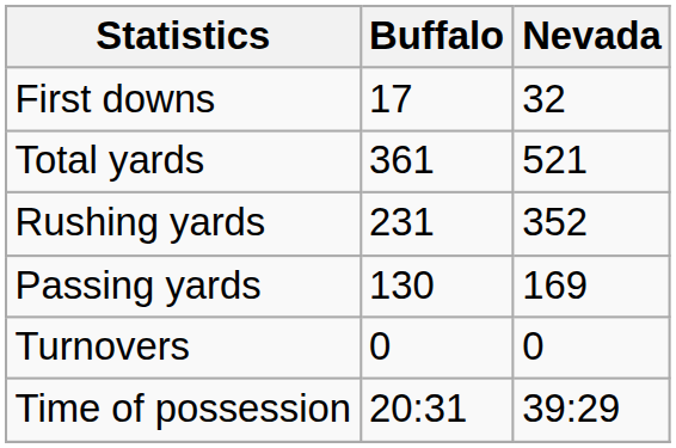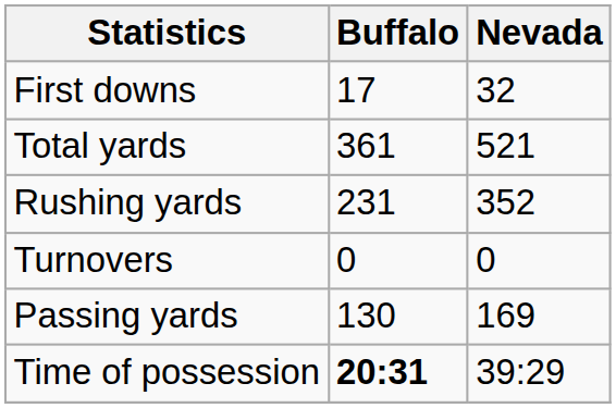 <table class="wikitable">
 <tr>
 <th>Statistics</th>
 <th>Buffalo</th>
 <th>Nevada</th>
 </tr>
 <tr>
 <td>First downs</td>
 <td>17</td>
 <td>32</td>
 </tr>
 <tr>
 <td>Total yards</td>
 <td>361</td>
 <td>521</td>
 </tr>
 <tr>
 <td>Rushing yards</td>
 <td>231</td>
 <td>352</td>
 </tr>
 <tr>
+<td>Turnovers</td>
+<td>0</td>
+<td>0</td>
+</tr>
+<tr>
 <td>Passing yards</td>
 <td>130</td>
 <td>169</td>
 </tr>
 <tr>
-<td>Turnovers</td>
-<td>0</td>
-<td>0</td>
-</tr>
-<tr>
 <td>Time of possession</td>
-<td>20:31</td>
+<td><strong>20:31</strong></td>
 <td>39:29</td>
 </tr>
 <tr>
 </tr>
 </table>
